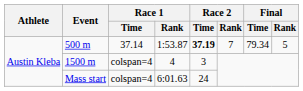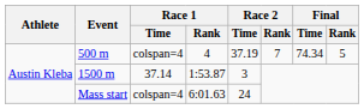 <table class="wikitable" style="font-size:90%">
 <tr>
 <th rowspan=2>Athlete</th>
 <th rowspan=2>Event</th>
 <th colspan=2>Race 1</th>
 <th colspan=2>Race 2</th>
 <th colspan=2>Final</th>
 </tr>
 <tr style="font-size:95%">
 <th>Time</th>
 <th>Rank</th>
 <th>Time</th>
 <th>Rank</th>
 <th>Time</th>
 <th>Rank</th>
 </tr>
 <tr align=center>
 <td align=left rowspan=3><a href='#'>Austin Kleba</a></td>
 <td align=left><a href='#'>500 m</a></td>
-<td>37.14</td>
-<td>1:53.87</td>
-<td><strong>37.19</strong></td>
+<td>colspan=4 </td>
+<td>4</td>
+<td>37.19</td>
 <td>7</td>
-<td>79.34</td>
+<td>74.34</td>
 <td>5</td>
 </tr>
 <tr align=center>
 <td align=left><a href='#'>1500 m</a></td>
-<td>colspan=4 </td>
-<td>4</td>
+<td>37.14</td>
+<td>1:53.87</td>
 <td>3</td>
 </tr>
 <tr align=center>
 <td align=left><a href='#'>Mass start</a></td>
 <td>colspan=4 </td>
 <td>6:01.63</td>
 <td>24</td>
 </tr>
 </table>
